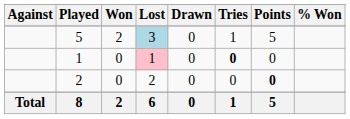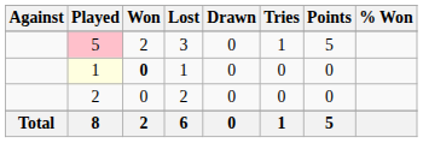 <table class="sortable wikitable" style="text-align: center;">
 <tr>
 </tr>
 <tr>
 <th>Against</th>
 <th>Played</th>
 <th>Won</th>
 <th>Lost</th>
 <th>Drawn</th>
 <th>Tries</th>
 <th>Points</th>
 <th>% Won</th>
 </tr>
 <tr bgcolor="#d0ffd0" align="center">
 </tr>
 <tr>
 <td align="left"></td>
-<td>5</td>
+<td style="background: pink;">5</td>
 <td>2</td>
-<td style="background: lightblue;">3</td>
+<td>3</td>
 <td>0</td>
 <td>1</td>
 <td>5</td>
 <td></td>
 </tr>
 <tr>
 <td align="left"></td>
+<td style="background: lightyellow;">1</td>
+<td><strong>0</strong></td>
 <td>1</td>
 <td>0</td>
-<td style="background: pink;">1</td>
 <td>0</td>
-<td><strong>0</strong></td>
 <td>0</td>
 <td></td>
 </tr>
 <tr>
 <td align="left"></td>
 <td>2</td>
 <td>0</td>
 <td>2</td>
 <td>0</td>
 <td>0</td>
-<td><strong>0</strong></td>
+<td>0</td>
 <td></td>
 </tr>
 <tr>
 </tr>
 <tr class="sortbottom">
 <th>Total</th>
 <th>8</th>
 <th>2</th>
 <th>6</th>
 <th>0</th>
 <th>1</th>
 <th>5</th>
 <th></th>
 </tr>
 </table>
